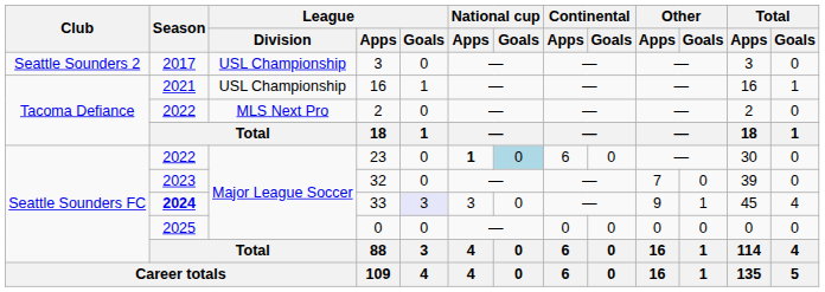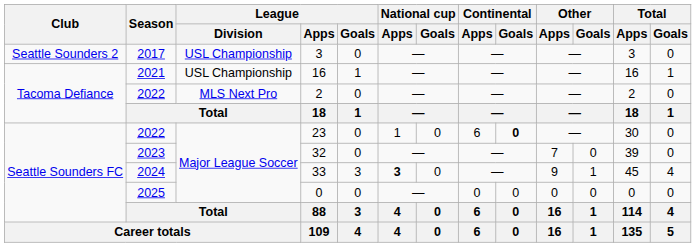 <table class="wikitable" style="text-align:center">
 <tr>
 <th rowspan="2">Club</th>
 <th rowspan="2">Season</th>
 <th colspan="3">League</th>
 <th colspan="2">National cup</th>
 <th colspan="2">Continental</th>
 <th colspan="2">Other</th>
 <th colspan="2">Total</th>
 </tr>
 <tr>
 <th>Division</th>
 <th>Apps</th>
 <th>Goals</th>
 <th>Apps</th>
 <th>Goals</th>
 <th>Apps</th>
 <th>Goals</th>
 <th>Apps</th>
 <th>Goals</th>
 <th>Apps</th>
 <th>Goals</th>
 </tr>
 <tr>
 <td><a href='#'>Seattle Sounders 2</a></td>
 <td><a href='#'>2017</a></td>
 <td><a href='#'>USL Championship</a></td>
 <td>3</td>
 <td>0</td>
 <td colspan="2">—</td>
 <td colspan="2">—</td>
 <td colspan="2">—</td>
 <td>3</td>
 <td>0</td>
 </tr>
 <tr>
 <td rowspan="3"><a href='#'>Tacoma Defiance</a></td>
 <td><a href='#'>2021</a></td>
 <td>USL Championship</td>
 <td>16</td>
 <td>1</td>
 <td colspan="2">—</td>
 <td colspan="2">—</td>
 <td colspan="2">—</td>
 <td>16</td>
 <td>1</td>
 </tr>
 <tr>
 <td><a href='#'>2022</a></td>
 <td><a href='#'>MLS Next Pro</a></td>
 <td>2</td>
 <td>0</td>
 <td colspan="2">—</td>
 <td colspan="2">—</td>
 <td colspan="2">—</td>
 <td>2</td>
 <td>0</td>
 </tr>
 <tr>
 <th colspan="2">Total</th>
 <th>18</th>
 <th>1</th>
 <th colspan="2">—</th>
 <th colspan="2">—</th>
 <th colspan="2">—</th>
 <th>18</th>
 <th>1</th>
 </tr>
 <tr>
 <td rowspan="5"><a href='#'>Seattle Sounders FC</a></td>
 <td><a href='#'>2022</a></td>
 <td rowspan="4"><a href='#'>Major League Soccer</a></td>
 <td>23</td>
 <td>0</td>
-<td><strong>1</strong></td>
-<td style="background: lightblue;">0</td>
+<td>1</td>
+<td>0</td>
 <td>6</td>
-<td>0</td>
+<td><strong>0</strong></td>
 <td colspan="2">—</td>
 <td>30</td>
 <td>0</td>
 </tr>
 <tr>
 <td><a href='#'>2023</a></td>
 <td>32</td>
 <td>0</td>
 <td colspan="2">—</td>
 <td colspan="2">—</td>
 <td>7</td>
 <td>0</td>
 <td>39</td>
 <td>0</td>
 </tr>
 <tr>
-<td><strong><a href='#'>2024</a></strong></td>
+<td><a href='#'>2024</a></td>
 <td>33</td>
-<td style="background: lavender;">3</td>
 <td>3</td>
+<td><strong>3</strong></td>
 <td>0</td>
 <td colspan="2">—</td>
 <td>9</td>
 <td>1</td>
 <td>45</td>
 <td>4</td>
 </tr>
 <tr>
 <td><a href='#'>2025</a></td>
 <td>0</td>
 <td>0</td>
 <td colspan="2">—</td>
 <td>0</td>
 <td>0</td>
 <td>0</td>
 <td>0</td>
 <td>0</td>
 <td>0</td>
 </tr>
 <tr>
 <th colspan="2">Total</th>
 <th>88</th>
 <th>3</th>
 <th>4</th>
 <th>0</th>
 <th>6</th>
 <th>0</th>
 <th>16</th>
 <th>1</th>
 <th>114</th>
 <th>4</th>
 </tr>
 <tr>
 <th colspan="3">Career totals</th>
 <th>109</th>
 <th>4</th>
 <th>4</th>
 <th>0</th>
 <th>6</th>
 <th>0</th>
 <th>16</th>
 <th>1</th>
 <th>135</th>
 <th>5</th>
 </tr>
 </table>
